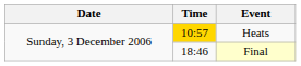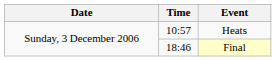 <table class = "wikitable" style="text-align:center;">
 <tr>
 <th width=220>Date</th>
 <th width=50>Time</th>
 <th width=100>Event</th>
 </tr>
 <tr>
 <td rowspan=2>Sunday, 3 December 2006</td>
-<td style="background: gold;">10:57</td>
+<td>10:57</td>
 <td>Heats</td>
 </tr>
 <tr>
 <td>18:46</td>
 <td bgcolor=ffffcc>Final</td>
 </tr>
 </table>
